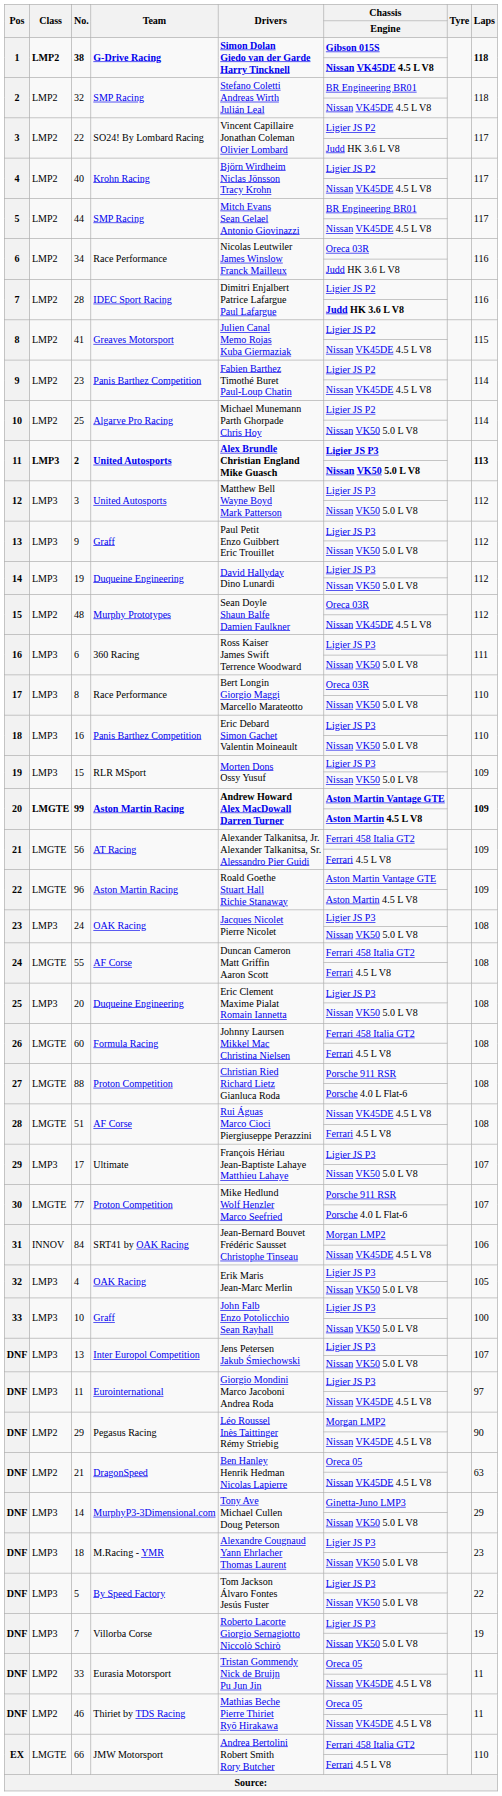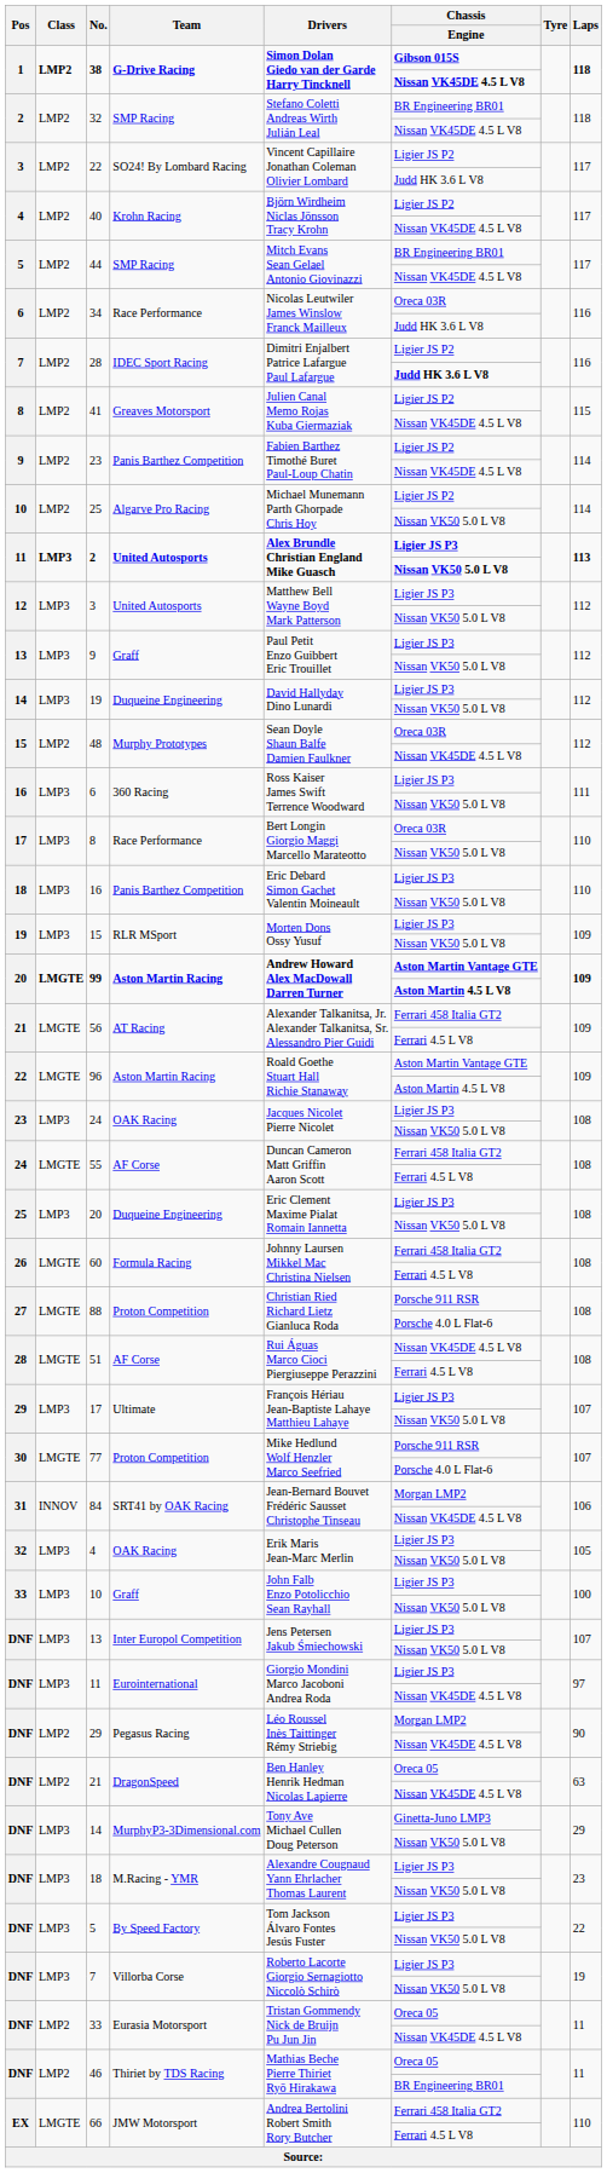 <table class="wikitable" style="font-size: 95%;">
 <tr>
 <th rowspan=2>Pos</th>
 <th rowspan=2>Class</th>
 <th rowspan=2>No.</th>
 <th rowspan=2>Team</th>
 <th rowspan=2>Drivers</th>
 <th>Chassis</th>
 <th rowspan=2>Tyre</th>
 <th rowspan=2>Laps</th>
 </tr>
 <tr>
 <th>Engine</th>
 </tr>
 <tr>
 <th rowspan=2>1</th>
 <td rowspan=2><strong>LMP2</strong></td>
 <td rowspan=2><strong>38</strong></td>
 <td rowspan=2><strong> <a href='#'>G-Drive Racing</a></strong></td>
 <td rowspan=2><strong> <a href='#'>Simon Dolan</a><br> <a href='#'>Giedo van der Garde</a><br> <a href='#'>Harry Tincknell</a></strong></td>
 <td><a href='#'><strong>Gibson 015S</strong></a></td>
 <td rowspan=2></td>
 <td rowspan=2><strong>118</strong></td>
 </tr>
 <tr>
 <td><strong><a href='#'>Nissan</a> <a href='#'>VK45DE</a> 4.5 L V8</strong></td>
 </tr>
 <tr>
 <th rowspan=2>2</th>
 <td rowspan=2>LMP2</td>
 <td rowspan=2>32</td>
 <td rowspan=2> <a href='#'>SMP Racing</a></td>
 <td rowspan=2> <a href='#'>Stefano Coletti</a><br> <a href='#'>Andreas Wirth</a><br> <a href='#'>Julián Leal</a></td>
 <td><a href='#'>BR Engineering BR01</a></td>
 <td rowspan=2></td>
 <td rowspan=2>118</td>
 </tr>
 <tr>
 <td><a href='#'>Nissan</a> <a href='#'>VK45DE</a> 4.5 L V8</td>
 </tr>
 <tr>
 <th rowspan=2>3</th>
 <td rowspan=2>LMP2</td>
 <td rowspan=2>22</td>
 <td rowspan=2> SO24! By Lombard Racing</td>
 <td rowspan=2> Vincent Capillaire<br> Jonathan Coleman<br> <a href='#'>Olivier Lombard</a></td>
 <td><a href='#'>Ligier JS P2</a></td>
 <td rowspan=2></td>
 <td rowspan=2>117</td>
 </tr>
 <tr>
 <td><a href='#'>Judd</a> HK 3.6 L V8</td>
 </tr>
 <tr>
 <th rowspan=2>4</th>
 <td rowspan=2>LMP2</td>
 <td rowspan=2>40</td>
 <td rowspan=2> <a href='#'>Krohn Racing</a></td>
 <td rowspan=2> <a href='#'>Björn Wirdheim</a><br> <a href='#'>Niclas Jönsson</a><br> <a href='#'>Tracy Krohn</a></td>
 <td><a href='#'>Ligier JS P2</a></td>
 <td rowspan=2></td>
 <td rowspan=2>117</td>
 </tr>
 <tr>
 <td><a href='#'>Nissan</a> <a href='#'>VK45DE</a> 4.5 L V8</td>
 </tr>
 <tr>
 <th rowspan=2>5</th>
 <td rowspan=2>LMP2</td>
 <td rowspan=2>44</td>
 <td rowspan=2> <a href='#'>SMP Racing</a></td>
 <td rowspan=2> <a href='#'>Mitch Evans</a><br> <a href='#'>Sean Gelael</a><br> <a href='#'>Antonio Giovinazzi</a></td>
 <td><a href='#'>BR Engineering BR01</a></td>
 <td rowspan=2></td>
 <td rowspan=2>117</td>
 </tr>
 <tr>
 <td><a href='#'>Nissan</a> <a href='#'>VK45DE</a> 4.5 L V8</td>
 </tr>
 <tr>
 <th rowspan=2>6</th>
 <td rowspan=2>LMP2</td>
 <td rowspan=2>34</td>
 <td rowspan=2> Race Performance</td>
 <td rowspan=2> Nicolas Leutwiler<br> <a href='#'>James Winslow</a><br> <a href='#'>Franck Mailleux</a></td>
 <td><a href='#'>Oreca 03R</a></td>
 <td rowspan=2></td>
 <td rowspan=2>116</td>
 </tr>
 <tr>
 <td><a href='#'>Judd</a> HK 3.6 L V8</td>
 </tr>
 <tr>
 <th rowspan=2>7</th>
 <td rowspan=2>LMP2</td>
 <td rowspan=2>28</td>
 <td rowspan=2> <a href='#'>IDEC Sport Racing</a></td>
 <td rowspan=2> Dimitri Enjalbert<br> Patrice Lafargue<br> <a href='#'>Paul Lafargue</a></td>
 <td><a href='#'>Ligier JS P2</a></td>
 <td rowspan=2></td>
 <td rowspan=2>116</td>
 </tr>
 <tr>
 <td><strong><a href='#'>Judd</a> HK 3.6 L V8</strong></td>
 </tr>
 <tr>
 <th rowspan=2>8</th>
 <td rowspan=2>LMP2</td>
 <td rowspan=2>41</td>
 <td rowspan=2> <a href='#'>Greaves Motorsport</a></td>
 <td rowspan=2> <a href='#'>Julien Canal</a><br> <a href='#'>Memo Rojas</a><br> <a href='#'>Kuba Giermaziak</a></td>
 <td><a href='#'>Ligier JS P2</a></td>
 <td rowspan=2></td>
 <td rowspan=2>115</td>
 </tr>
 <tr>
 <td><a href='#'>Nissan</a> <a href='#'>VK45DE</a> 4.5 L V8</td>
 </tr>
 <tr>
 <th rowspan=2>9</th>
 <td rowspan=2>LMP2</td>
 <td rowspan=2>23</td>
 <td rowspan=2> <a href='#'>Panis Barthez Competition</a></td>
 <td rowspan=2> <a href='#'>Fabien Barthez</a><br> Timothé Buret<br> <a href='#'>Paul-Loup Chatin</a></td>
 <td><a href='#'>Ligier JS P2</a></td>
 <td rowspan=2></td>
 <td rowspan=2>114</td>
 </tr>
 <tr>
 <td><a href='#'>Nissan</a> <a href='#'>VK45DE</a> 4.5 L V8</td>
 </tr>
 <tr>
 <th rowspan=2>10</th>
 <td rowspan=2>LMP2</td>
 <td rowspan=2>25</td>
 <td rowspan=2> <a href='#'>Algarve Pro Racing</a></td>
 <td rowspan=2> Michael Munemann<br> Parth Ghorpade<br> <a href='#'>Chris Hoy</a></td>
 <td><a href='#'>Ligier JS P2</a></td>
 <td rowspan=2></td>
 <td rowspan=2>114</td>
 </tr>
 <tr>
 <td><a href='#'>Nissan</a> <a href='#'>VK50</a> 5.0 L V8</td>
 </tr>
 <tr>
 <th rowspan=2>11</th>
 <td rowspan=2><strong>LMP3</strong></td>
 <td rowspan=2><strong>2</strong></td>
 <td rowspan=2><strong> <a href='#'>United Autosports</a></strong></td>
 <td rowspan=2><strong> <a href='#'>Alex Brundle</a><br> Christian England<br> Mike Guasch</strong></td>
 <td><a href='#'><strong>Ligier JS P3</strong></a></td>
 <td rowspan=2></td>
 <td rowspan=2><strong>113</strong></td>
 </tr>
 <tr>
 <td><strong><a href='#'>Nissan</a> <a href='#'>VK50</a> 5.0 L V8</strong></td>
 </tr>
 <tr>
 <th rowspan=2>12</th>
 <td rowspan=2>LMP3</td>
 <td rowspan=2>3</td>
 <td rowspan=2> <a href='#'>United Autosports</a></td>
 <td rowspan=2> Matthew Bell<br> <a href='#'>Wayne Boyd</a><br> <a href='#'>Mark Patterson</a></td>
 <td><a href='#'>Ligier JS P3</a></td>
 <td rowspan=2></td>
 <td rowspan=2>112</td>
 </tr>
 <tr>
 <td><a href='#'>Nissan</a> <a href='#'>VK50</a> 5.0 L V8</td>
 </tr>
 <tr>
 <th rowspan=2>13</th>
 <td rowspan=2>LMP3</td>
 <td rowspan=2>9</td>
 <td rowspan=2> <a href='#'>Graff</a></td>
 <td rowspan=2> Paul Petit<br> Enzo Guibbert<br> Eric Trouillet</td>
 <td><a href='#'>Ligier JS P3</a></td>
 <td rowspan=2></td>
 <td rowspan=2>112</td>
 </tr>
 <tr>
 <td><a href='#'>Nissan</a> <a href='#'>VK50</a> 5.0 L V8</td>
 </tr>
 <tr>
 <th rowspan=2>14</th>
 <td rowspan=2>LMP3</td>
 <td rowspan=2>19</td>
 <td rowspan=2> <a href='#'>Duqueine Engineering</a></td>
 <td rowspan=2> <a href='#'>David Hallyday</a><br> Dino Lunardi</td>
 <td><a href='#'>Ligier JS P3</a></td>
 <td rowspan=2></td>
 <td rowspan=2>112</td>
 </tr>
 <tr>
 <td><a href='#'>Nissan</a> <a href='#'>VK50</a> 5.0 L V8</td>
 </tr>
 <tr>
 <th rowspan=2>15</th>
 <td rowspan=2>LMP2</td>
 <td rowspan=2>48</td>
 <td rowspan=2> <a href='#'>Murphy Prototypes</a></td>
 <td rowspan=2> Sean Doyle<br> <a href='#'>Shaun Balfe</a><br> <a href='#'>Damien Faulkner</a></td>
 <td><a href='#'>Oreca 03R</a></td>
 <td rowspan=2></td>
 <td rowspan=2>112</td>
 </tr>
 <tr>
 <td><a href='#'>Nissan</a> <a href='#'>VK45DE</a> 4.5 L V8</td>
 </tr>
 <tr>
 <th rowspan=2>16</th>
 <td rowspan=2>LMP3</td>
 <td rowspan=2>6</td>
 <td rowspan=2> 360 Racing</td>
 <td rowspan=2> Ross Kaiser<br> James Swift<br> Terrence Woodward</td>
 <td><a href='#'>Ligier JS P3</a></td>
 <td rowspan=2></td>
 <td rowspan=2>111</td>
 </tr>
 <tr>
 <td><a href='#'>Nissan</a> <a href='#'>VK50</a> 5.0 L V8</td>
 </tr>
 <tr>
 <th rowspan=2>17</th>
 <td rowspan=2>LMP3</td>
 <td rowspan=2>8</td>
 <td rowspan=2> Race Performance</td>
 <td rowspan=2> Bert Longin<br> <a href='#'>Giorgio Maggi</a><br> Marcello Marateotto</td>
 <td><a href='#'>Oreca 03R</a></td>
 <td rowspan=2></td>
 <td rowspan=2>110</td>
 </tr>
 <tr>
 <td><a href='#'>Nissan</a> <a href='#'>VK50</a> 5.0 L V8</td>
 </tr>
 <tr>
 <th rowspan=2>18</th>
 <td rowspan=2>LMP3</td>
 <td rowspan=2>16</td>
 <td rowspan=2> <a href='#'>Panis Barthez Competition</a></td>
 <td rowspan=2> Eric Debard<br> <a href='#'>Simon Gachet</a><br> Valentin Moineault</td>
 <td><a href='#'>Ligier JS P3</a></td>
 <td rowspan=2></td>
 <td rowspan=2>110</td>
 </tr>
 <tr>
 <td><a href='#'>Nissan</a> <a href='#'>VK50</a> 5.0 L V8</td>
 </tr>
 <tr>
 <th rowspan=2>19</th>
 <td rowspan=2>LMP3</td>
 <td rowspan=2>15</td>
 <td rowspan=2> RLR MSport</td>
 <td rowspan=2> <a href='#'>Morten Dons</a><br> Ossy Yusuf</td>
 <td><a href='#'>Ligier JS P3</a></td>
 <td rowspan=2></td>
 <td rowspan=2>109</td>
 </tr>
 <tr>
 <td><a href='#'>Nissan</a> <a href='#'>VK50</a> 5.0 L V8</td>
 </tr>
 <tr>
 <th rowspan=2>20</th>
 <td rowspan=2><strong>LMGTE</strong></td>
 <td rowspan=2><strong>99</strong></td>
 <td rowspan=2><strong> <a href='#'>Aston Martin Racing</a></strong></td>
 <td rowspan=2><strong> Andrew Howard<br> <a href='#'>Alex MacDowall</a><br> <a href='#'>Darren Turner</a></strong></td>
 <td><a href='#'><strong>Aston Martin Vantage GTE</strong></a></td>
 <td rowspan=2></td>
 <td rowspan=2><strong>109</strong></td>
 </tr>
 <tr>
 <td><strong><a href='#'>Aston Martin</a> 4.5 L V8</strong></td>
 </tr>
 <tr>
 <th rowspan=2>21</th>
 <td rowspan=2>LMGTE</td>
 <td rowspan=2>56</td>
 <td rowspan=2> <a href='#'>AT Racing</a></td>
 <td rowspan=2> Alexander Talkanitsa, Jr.<br> Alexander Talkanitsa, Sr.<br> <a href='#'>Alessandro Pier Guidi</a></td>
 <td><a href='#'>Ferrari 458 Italia GT2</a></td>
 <td rowspan=2></td>
 <td rowspan=2>109</td>
 </tr>
 <tr>
 <td><a href='#'>Ferrari</a> 4.5 L V8</td>
 </tr>
 <tr>
 <th rowspan=2>22</th>
 <td rowspan=2>LMGTE</td>
 <td rowspan=2>96</td>
 <td rowspan=2> <a href='#'>Aston Martin Racing</a></td>
 <td rowspan=2> Roald Goethe<br> <a href='#'>Stuart Hall</a><br> <a href='#'>Richie Stanaway</a></td>
 <td><a href='#'>Aston Martin Vantage GTE</a></td>
 <td rowspan=2></td>
 <td rowspan=2>109</td>
 </tr>
 <tr>
 <td><a href='#'>Aston Martin</a> 4.5 L V8</td>
 </tr>
 <tr>
 <th rowspan=2>23</th>
 <td rowspan=2>LMP3</td>
 <td rowspan=2>24</td>
 <td rowspan=2> <a href='#'>OAK Racing</a></td>
 <td rowspan=2> <a href='#'>Jacques Nicolet</a><br> Pierre Nicolet</td>
 <td><a href='#'>Ligier JS P3</a></td>
 <td rowspan=2></td>
 <td rowspan=2>108</td>
 </tr>
 <tr>
 <td><a href='#'>Nissan</a> <a href='#'>VK50</a> 5.0 L V8</td>
 </tr>
 <tr>
 <th rowspan=2>24</th>
 <td rowspan=2>LMGTE</td>
 <td rowspan=2>55</td>
 <td rowspan=2> <a href='#'>AF Corse</a></td>
 <td rowspan=2> Duncan Cameron<br> Matt Griffin<br> Aaron Scott</td>
 <td><a href='#'>Ferrari 458 Italia GT2</a></td>
 <td rowspan=2></td>
 <td rowspan=2>108</td>
 </tr>
 <tr>
 <td><a href='#'>Ferrari</a> 4.5 L V8</td>
 </tr>
 <tr>
 <th rowspan=2>25</th>
 <td rowspan=2>LMP3</td>
 <td rowspan=2>20</td>
 <td rowspan=2> <a href='#'>Duqueine Engineering</a></td>
 <td rowspan=2> Eric Clement<br> Maxime Pialat<br> <a href='#'>Romain Iannetta</a></td>
 <td><a href='#'>Ligier JS P3</a></td>
 <td rowspan=2></td>
 <td rowspan=2>108</td>
 </tr>
 <tr>
 <td><a href='#'>Nissan</a> <a href='#'>VK50</a> 5.0 L V8</td>
 </tr>
 <tr>
 <th rowspan="2">26</th>
 <td rowspan="2">LMGTE</td>
 <td rowspan="2">60</td>
 <td rowspan="2"> <a href='#'>Formula Racing</a></td>
 <td rowspan="2"> Johnny Laursen<br> <a href='#'>Mikkel Mac</a><br> <a href='#'>Christina Nielsen</a></td>
 <td><a href='#'>Ferrari 458 Italia GT2</a></td>
 <td rowspan="2"></td>
 <td rowspan="2">108</td>
 </tr>
 <tr>
 <td><a href='#'>Ferrari</a> 4.5 L V8</td>
 </tr>
 <tr>
 <th rowspan=2>27</th>
 <td rowspan=2>LMGTE</td>
 <td rowspan=2>88</td>
 <td rowspan=2> <a href='#'>Proton Competition</a></td>
 <td rowspan=2> <a href='#'>Christian Ried</a><br> <a href='#'>Richard Lietz</a><br> Gianluca Roda</td>
 <td><a href='#'>Porsche 911 RSR</a></td>
 <td rowspan=2></td>
 <td rowspan=2>108</td>
 </tr>
 <tr>
 <td><a href='#'>Porsche</a> 4.0 L Flat-6</td>
 </tr>
 <tr>
 <th rowspan="2">28</th>
 <td rowspan="2">LMGTE</td>
 <td rowspan="2">51</td>
 <td rowspan="2"> <a href='#'>AF Corse</a></td>
 <td rowspan="2"> <a href='#'>Rui Águas</a><br> <a href='#'>Marco Cioci</a><br> Piergiuseppe Perazzini</td>
 <td><a href='#'>Nissan</a> <a href='#'>VK45DE</a> 4.5 L V8</td>
 <td rowspan="2"></td>
 <td rowspan="2">108</td>
 </tr>
 <tr>
 <td><a href='#'>Ferrari</a> 4.5 L V8</td>
 </tr>
 <tr>
 <th rowspan="2">29</th>
 <td rowspan="2">LMP3</td>
 <td rowspan="2">17</td>
 <td rowspan="2"> Ultimate</td>
 <td rowspan="2"> François Hériau<br> Jean-Baptiste Lahaye<br> <a href='#'>Matthieu Lahaye</a></td>
 <td><a href='#'>Ligier JS P3</a></td>
 <td rowspan="2"></td>
 <td rowspan="2">107</td>
 </tr>
 <tr>
 <td><a href='#'>Nissan</a> <a href='#'>VK50</a> 5.0 L V8</td>
 </tr>
 <tr>
 <th rowspan="2">30</th>
 <td rowspan="2">LMGTE</td>
 <td rowspan="2">77</td>
 <td rowspan="2"> <a href='#'>Proton Competition</a></td>
 <td rowspan="2"> Mike Hedlund<br> <a href='#'>Wolf Henzler</a><br> <a href='#'>Marco Seefried</a></td>
 <td><a href='#'>Porsche 911 RSR</a></td>
 <td rowspan="2"></td>
 <td rowspan="2">107</td>
 </tr>
 <tr>
 <td><a href='#'>Porsche</a> 4.0 L Flat-6</td>
 </tr>
 <tr>
 <th rowspan="2">31</th>
 <td rowspan="2">INNOV</td>
 <td rowspan="2">84</td>
 <td rowspan="2"> SRT41 by <a href='#'>OAK Racing</a></td>
 <td rowspan="2"> Jean-Bernard Bouvet<br> Frédéric Sausset<br> <a href='#'>Christophe Tinseau</a></td>
 <td><a href='#'>Morgan LMP2</a></td>
 <td rowspan="2"></td>
 <td rowspan="2">106</td>
 </tr>
 <tr>
 <td><a href='#'>Nissan</a> <a href='#'>VK45DE</a> 4.5 L V8</td>
 </tr>
 <tr>
 <th rowspan="2">32</th>
 <td rowspan="2">LMP3</td>
 <td rowspan="2">4</td>
 <td rowspan="2"> <a href='#'>OAK Racing</a></td>
 <td rowspan="2"> Erik Maris<br> Jean-Marc Merlin</td>
 <td><a href='#'>Ligier JS P3</a></td>
 <td rowspan="2"></td>
 <td rowspan="2">105</td>
 </tr>
 <tr>
 <td><a href='#'>Nissan</a> <a href='#'>VK50</a> 5.0 L V8</td>
 </tr>
 <tr>
 <th rowspan="2">33</th>
 <td rowspan="2">LMP3</td>
 <td rowspan="2">10</td>
 <td rowspan="2"> <a href='#'>Graff</a></td>
 <td rowspan="2"> <a href='#'>John Falb</a><br> <a href='#'>Enzo Potolicchio</a><br> <a href='#'>Sean Rayhall</a></td>
 <td><a href='#'>Ligier JS P3</a></td>
 <td rowspan="2"></td>
 <td rowspan="2">100</td>
 </tr>
 <tr>
 <td><a href='#'>Nissan</a> <a href='#'>VK50</a> 5.0 L V8</td>
 </tr>
 <tr>
 <th rowspan="2">DNF</th>
 <td rowspan="2">LMP3</td>
 <td rowspan="2">13</td>
 <td rowspan="2"> <a href='#'>Inter Europol Competition</a></td>
 <td rowspan="2"> Jens Petersen<br> <a href='#'>Jakub Śmiechowski</a></td>
 <td><a href='#'>Ligier JS P3</a></td>
 <td rowspan="2"></td>
 <td rowspan="2">107</td>
 </tr>
 <tr>
 <td><a href='#'>Nissan</a> <a href='#'>VK50</a> 5.0 L V8</td>
 </tr>
 <tr>
 <th rowspan="2">DNF</th>
 <td rowspan="2">LMP3</td>
 <td rowspan="2">11</td>
 <td rowspan="2"> <a href='#'>Eurointernational</a></td>
 <td rowspan="2"> <a href='#'>Giorgio Mondini</a><br> Marco Jacoboni<br> Andrea Roda</td>
 <td><a href='#'>Ligier JS P3</a></td>
 <td rowspan="2"></td>
 <td rowspan="2">97</td>
 </tr>
 <tr>
 <td><a href='#'>Nissan</a> <a href='#'>VK45DE</a> 4.5 L V8</td>
 </tr>
 <tr>
 <th rowspan="2">DNF</th>
 <td rowspan="2">LMP2</td>
 <td rowspan="2">29</td>
 <td rowspan="2"> Pegasus Racing</td>
 <td rowspan="2"> <a href='#'>Léo Roussel</a><br> <a href='#'>Inès Taittinger</a><br> Rémy Striebig</td>
 <td><a href='#'>Morgan LMP2</a></td>
 <td rowspan="2"></td>
 <td rowspan="2">90</td>
 </tr>
 <tr>
 <td><a href='#'>Nissan</a> <a href='#'>VK45DE</a> 4.5 L V8</td>
 </tr>
 <tr>
 <th rowspan="2">DNF</th>
 <td rowspan="2">LMP2</td>
 <td rowspan="2">21</td>
 <td rowspan="2"> <a href='#'>DragonSpeed</a></td>
 <td rowspan="2"> <a href='#'>Ben Hanley</a><br> Henrik Hedman<br> <a href='#'>Nicolas Lapierre</a></td>
 <td><a href='#'>Oreca 05</a></td>
 <td rowspan="2"></td>
 <td rowspan="2">63</td>
 </tr>
 <tr>
 <td><a href='#'>Nissan</a> <a href='#'>VK45DE</a> 4.5 L V8</td>
 </tr>
 <tr>
 <th rowspan="2">DNF</th>
 <td rowspan="2">LMP3</td>
 <td rowspan="2">14</td>
 <td rowspan="2"> <a href='#'>MurphyP3-3Dimensional.com</a></td>
 <td rowspan="2"> <a href='#'>Tony Ave</a><br> Michael Cullen<br> Doug Peterson</td>
 <td><a href='#'>Ginetta-Juno LMP3</a></td>
 <td rowspan="2"></td>
 <td rowspan="2">29</td>
 </tr>
 <tr>
 <td><a href='#'>Nissan</a> <a href='#'>VK50</a> 5.0 L V8</td>
 </tr>
 <tr>
 <th rowspan="2">DNF</th>
 <td rowspan="2">LMP3</td>
 <td rowspan="2">18</td>
 <td rowspan="2"> M.Racing - <a href='#'>YMR</a></td>
 <td rowspan="2"> <a href='#'>Alexandre Cougnaud</a><br> <a href='#'>Yann Ehrlacher</a><br> <a href='#'>Thomas Laurent</a></td>
 <td><a href='#'>Ligier JS P3</a></td>
 <td rowspan="2"></td>
 <td rowspan="2">23</td>
 </tr>
 <tr>
 <td><a href='#'>Nissan</a> <a href='#'>VK50</a> 5.0 L V8</td>
 </tr>
 <tr>
 <th rowspan="2">DNF</th>
 <td rowspan="2">LMP3</td>
 <td rowspan="2">5</td>
 <td rowspan="2"> <a href='#'>By Speed Factory</a></td>
 <td rowspan="2"> Tom Jackson<br> Álvaro Fontes<br> Jesús Fuster</td>
 <td><a href='#'>Ligier JS P3</a></td>
 <td rowspan="2"></td>
 <td rowspan="2">22</td>
 </tr>
 <tr>
 <td><a href='#'>Nissan</a> <a href='#'>VK50</a> 5.0 L V8</td>
 </tr>
 <tr>
 <th rowspan="2">DNF</th>
 <td rowspan="2">LMP3</td>
 <td rowspan="2">7</td>
 <td rowspan="2"> Villorba Corse</td>
 <td rowspan="2"> <a href='#'>Roberto Lacorte</a><br> <a href='#'>Giorgio Sernagiotto</a><br> <a href='#'>Niccolò Schirò</a></td>
 <td><a href='#'>Ligier JS P3</a></td>
 <td rowspan="2"></td>
 <td rowspan="2">19</td>
 </tr>
 <tr>
 <td><a href='#'>Nissan</a> <a href='#'>VK50</a> 5.0 L V8</td>
 </tr>
 <tr>
 <th rowspan="2">DNF</th>
 <td rowspan="2">LMP2</td>
 <td rowspan="2">33</td>
 <td rowspan="2"> Eurasia Motorsport</td>
 <td rowspan="2"> <a href='#'>Tristan Gommendy</a><br> <a href='#'>Nick de Bruijn</a><br> <a href='#'>Pu Jun Jin</a></td>
 <td><a href='#'>Oreca 05</a></td>
 <td rowspan="2"></td>
 <td rowspan="2">11</td>
 </tr>
 <tr>
 <td><a href='#'>Nissan</a> <a href='#'>VK45DE</a> 4.5 L V8</td>
 </tr>
 <tr>
 <th rowspan="2">DNF</th>
 <td rowspan="2">LMP2</td>
 <td rowspan="2">46</td>
 <td rowspan="2"> Thiriet by <a href='#'>TDS Racing</a></td>
 <td rowspan="2"> <a href='#'>Mathias Beche</a><br> <a href='#'>Pierre Thiriet</a><br> <a href='#'>Ryō Hirakawa</a></td>
 <td><a href='#'>Oreca 05</a></td>
 <td rowspan="2"></td>
 <td rowspan="2">11</td>
 </tr>
 <tr>
-<td><a href='#'>Nissan</a> <a href='#'>VK45DE</a> 4.5 L V8</td>
+<td><a href='#'>BR Engineering BR01</a></td>
 </tr>
 <tr>
 <th rowspan="2">EX</th>
 <td rowspan="2">LMGTE</td>
 <td rowspan="2">66</td>
 <td rowspan="2"> JMW Motorsport</td>
 <td rowspan="2"> <a href='#'>Andrea Bertolini</a><br> Robert Smith<br> <a href='#'>Rory Butcher</a></td>
 <td><a href='#'>Ferrari 458 Italia GT2</a></td>
 <td rowspan="2"></td>
 <td rowspan="2">110</td>
 </tr>
 <tr>
 <td><a href='#'>Ferrari</a> 4.5 L V8</td>
 </tr>
 <tr>
 <th colspan="8">Source:</th>
 </tr>
 </table>
